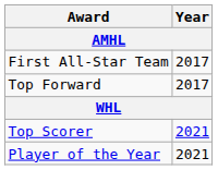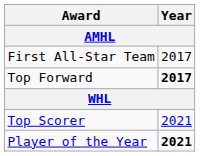 <table class="wikitable">
 <tr>
 <th>Award</th>
 <th>Year</th>
 </tr>
 <tr>
 <th colspan="3"><a href='#'>AMHL</a></th>
 </tr>
 <tr>
 <td>First All-Star Team</td>
 <td>2017</td>
 </tr>
 <tr>
 <td>Top Forward</td>
-<td>2017</td>
+<td><strong>2017</strong></td>
 </tr>
 <tr>
 <th colspan="3"><a href='#'>WHL</a></th>
 </tr>
 <tr>
 <td><a href='#'>Top Scorer</a></td>
 <td><a href='#'>2021</a></td>
 </tr>
 <tr>
 <td><a href='#'>Player of the Year</a></td>
-<td>2021</td>
+<td><strong>2021</strong></td>
 </tr>
 </table>
